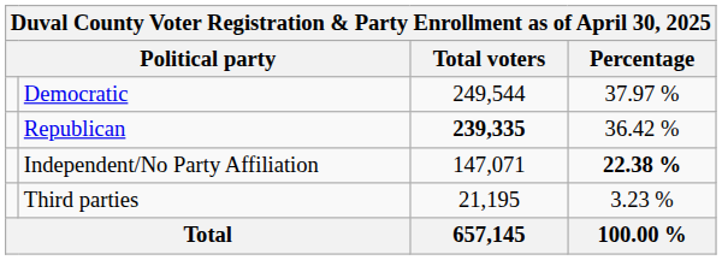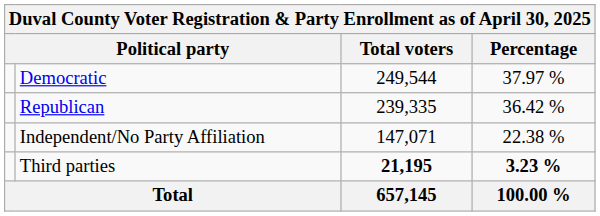 <table class=wikitable>
 <tr>
 <th colspan = 6>Duval County Voter Registration & Party Enrollment as of April 30, 2025</th>
 </tr>
 <tr>
 <th colspan=2>Political party</th>
 <th>Total voters</th>
 <th>Percentage</th>
 </tr>
 <tr>
 <td></td>
 <td><a href='#'>Democratic</a></td>
 <td align=center>249,544</td>
 <td align=center>37.97 %</td>
 </tr>
 <tr>
 <td></td>
 <td><a href='#'>Republican</a></td>
-<td align=center><strong>239,335</strong></td>
+<td align=center>239,335</td>
 <td align=center>36.42 %</td>
 </tr>
 <tr>
 <td></td>
 <td>Independent/No Party Affiliation</td>
 <td align=center>147,071</td>
-<td align=center><strong>22.38 %</strong></td>
+<td align=center>22.38 %</td>
 </tr>
 <tr>
 <td></td>
 <td>Third parties</td>
-<td align=center>21,195</td>
-<td align=center>3.23 %</td>
+<td align=center><strong>21,195</strong></td>
+<td align=center><strong>3.23 %</strong></td>
 </tr>
 <tr>
 <th colspan=2>Total</th>
 <th align=center>657,145</th>
 <th align=center>100.00 %</th>
 </tr>
 </table>
